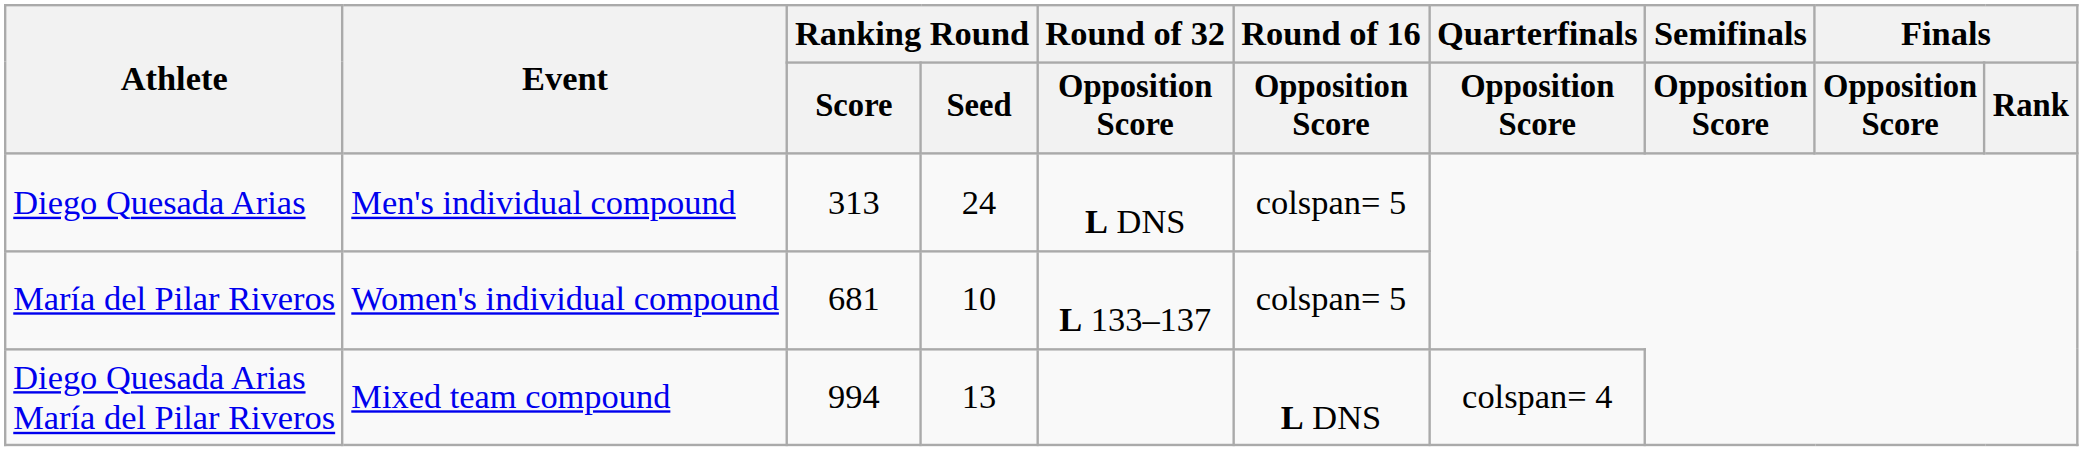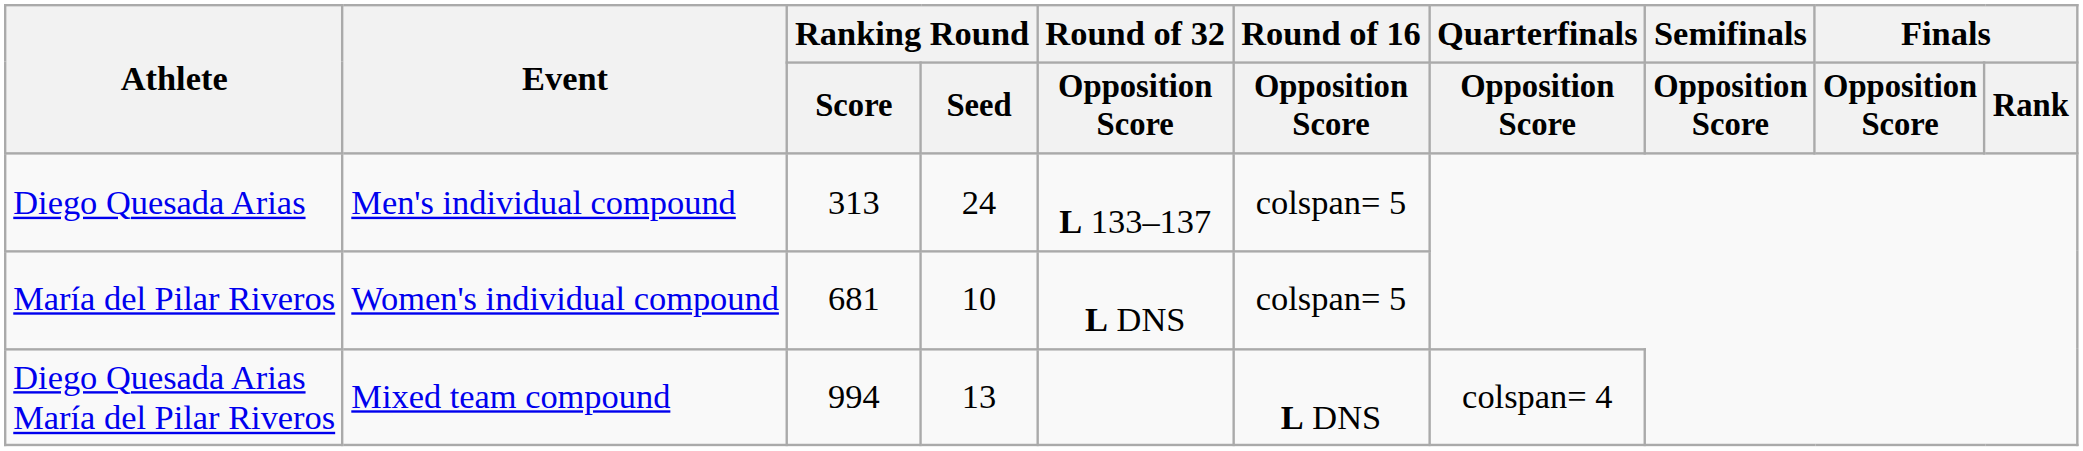 <table class="wikitable" style="text-align: center; font-size:90%">
 <tr>
 <th rowspan="2">Athlete</th>
 <th rowspan="2">Event</th>
 <th colspan="2">Ranking Round</th>
 <th>Round of 32</th>
 <th>Round of 16</th>
 <th>Quarterfinals</th>
 <th>Semifinals</th>
 <th colspan="2">Finals</th>
 </tr>
 <tr style="font-size:95%">
 <th>Score</th>
 <th>Seed</th>
 <th>Opposition<br>Score</th>
 <th>Opposition<br>Score</th>
 <th>Opposition<br>Score</th>
 <th>Opposition<br>Score</th>
 <th>Opposition<br>Score</th>
 <th>Rank</th>
 </tr>
 <tr>
 <td align=left><a href='#'>Diego Quesada Arias</a></td>
 <td align=left><a href='#'>Men's individual compound</a></td>
 <td>313</td>
 <td>24</td>
-<td><br><strong>L</strong> DNS</td>
+<td><br><strong>L</strong> 133–137</td>
 <td>colspan= 5 </td>
 </tr>
 <tr>
 <td align=left><a href='#'>María del Pilar Riveros</a></td>
 <td align=left><a href='#'>Women's individual compound</a></td>
 <td>681</td>
 <td>10</td>
-<td><br><strong>L</strong> 133–137</td>
+<td><br><strong>L</strong> DNS</td>
 <td>colspan= 5 </td>
 </tr>
 <tr>
 <td align=left><a href='#'>Diego Quesada Arias</a><br><a href='#'>María del Pilar Riveros</a></td>
 <td align=left><a href='#'>Mixed team compound</a></td>
 <td>994</td>
 <td>13</td>
 <td></td>
 <td><br><strong>L</strong> DNS</td>
 <td>colspan= 4 </td>
 </tr>
 </table>
